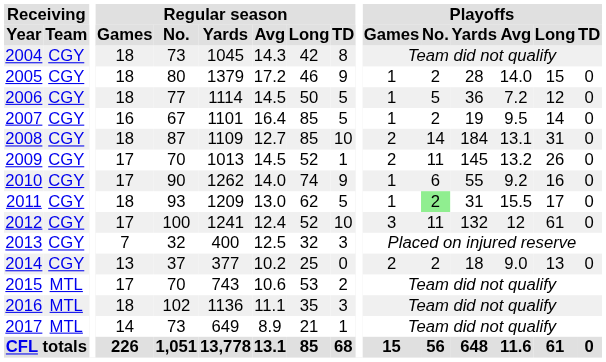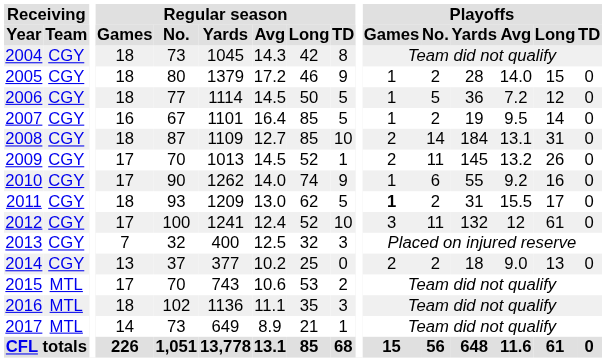 <table BORDER="0" CELLPADDING="1" CELLSPACING="0" width="65%" style="text-align:center">
 <tr bgcolor="#e0e0e0">
 <th colspan="2">Receiving</th>
 <th rowspan="99" bgcolor="#ffffff"> </th>
 <th colspan="6">Regular season</th>
 <th rowspan="99" bgcolor="#ffffff"> </th>
 <th colspan="6">Playoffs</th>
 </tr>
 <tr bgcolor="#e0e0e0">
 <th>Year</th>
 <th>Team</th>
 <th>Games</th>
 <th>No.</th>
 <th>Yards</th>
 <th>Avg</th>
 <th>Long</th>
 <th>TD</th>
 <th>Games</th>
 <th>No.</th>
 <th>Yards</th>
 <th>Avg</th>
 <th>Long</th>
 <th>TD</th>
 </tr>
 <tr ALIGN="center" bgcolor="#f0f0f0">
 <td><a href='#'>2004</a></td>
 <td><a href='#'>CGY</a></td>
 <td>18</td>
 <td>73</td>
 <td>1045</td>
 <td>14.3</td>
 <td>42</td>
 <td>8</td>
 <td colspan="6"><em>Team did not qualify</em></td>
 </tr>
 <tr ALIGN="center">
 <td><a href='#'>2005</a></td>
 <td><a href='#'>CGY</a></td>
 <td>18</td>
 <td>80</td>
 <td>1379</td>
 <td>17.2</td>
 <td>46</td>
 <td>9</td>
 <td>1</td>
 <td>2</td>
 <td>28</td>
 <td>14.0</td>
 <td>15</td>
 <td>0</td>
 </tr>
 <tr ALIGN="center" bgcolor="#f0f0f0">
 <td><a href='#'>2006</a></td>
 <td><a href='#'>CGY</a></td>
 <td>18</td>
 <td>77</td>
 <td>1114</td>
 <td>14.5</td>
 <td>50</td>
 <td>5</td>
 <td>1</td>
 <td>5</td>
 <td>36</td>
 <td>7.2</td>
 <td>12</td>
 <td>0</td>
 </tr>
 <tr ALIGN="center">
 <td><a href='#'>2007</a></td>
 <td><a href='#'>CGY</a></td>
 <td>16</td>
 <td>67</td>
 <td>1101</td>
 <td>16.4</td>
 <td>85</td>
 <td>5</td>
 <td>1</td>
 <td>2</td>
 <td>19</td>
 <td>9.5</td>
 <td>14</td>
 <td>0</td>
 </tr>
 <tr ALIGN="center" bgcolor="#f0f0f0">
 <td><a href='#'>2008</a></td>
 <td><a href='#'>CGY</a></td>
 <td>18</td>
 <td>87</td>
 <td>1109</td>
 <td>12.7</td>
 <td>85</td>
 <td>10</td>
 <td>2</td>
 <td>14</td>
 <td>184</td>
 <td>13.1</td>
 <td>31</td>
 <td>0</td>
 </tr>
 <tr ALIGN="center">
 <td><a href='#'>2009</a></td>
 <td><a href='#'>CGY</a></td>
 <td>17</td>
 <td>70</td>
 <td>1013</td>
 <td>14.5</td>
 <td>52</td>
 <td>1</td>
 <td>2</td>
 <td>11</td>
 <td>145</td>
 <td>13.2</td>
 <td>26</td>
 <td>0</td>
 </tr>
 <tr ALIGN="center" bgcolor="#f0f0f0">
 <td><a href='#'>2010</a></td>
 <td><a href='#'>CGY</a></td>
 <td>17</td>
 <td>90</td>
 <td>1262</td>
 <td>14.0</td>
 <td>74</td>
 <td>9</td>
 <td>1</td>
 <td>6</td>
 <td>55</td>
 <td>9.2</td>
 <td>16</td>
 <td>0</td>
 </tr>
 <tr ALIGN="center">
 <td><a href='#'>2011</a></td>
 <td><a href='#'>CGY</a></td>
 <td>18</td>
 <td>93</td>
 <td>1209</td>
 <td>13.0</td>
 <td>62</td>
 <td>5</td>
-<td>1</td>
-<td style="background: lightgreen;">2</td>
+<td><strong>1</strong></td>
+<td>2</td>
 <td>31</td>
 <td>15.5</td>
 <td>17</td>
 <td>0</td>
 </tr>
 <tr ALIGN="center" bgcolor="#f0f0f0">
 <td><a href='#'>2012</a></td>
 <td><a href='#'>CGY</a></td>
 <td>17</td>
 <td>100</td>
 <td>1241</td>
 <td>12.4</td>
 <td>52</td>
 <td>10</td>
 <td>3</td>
 <td>11</td>
 <td>132</td>
 <td>12</td>
 <td>61</td>
 <td>0</td>
 </tr>
 <tr ALIGN="center">
 <td><a href='#'>2013</a></td>
 <td><a href='#'>CGY</a></td>
 <td>7</td>
 <td>32</td>
 <td>400</td>
 <td>12.5</td>
 <td>32</td>
 <td>3</td>
 <td colspan="6"><em>Placed on injured reserve</em></td>
 </tr>
 <tr ALIGN="center" bgcolor="#f0f0f0">
 <td><a href='#'>2014</a></td>
 <td><a href='#'>CGY</a></td>
 <td>13</td>
 <td>37</td>
 <td>377</td>
 <td>10.2</td>
 <td>25</td>
 <td>0</td>
 <td>2</td>
 <td>2</td>
 <td>18</td>
 <td>9.0</td>
 <td>13</td>
 <td>0</td>
 </tr>
 <tr ALIGN="center">
 <td><a href='#'>2015</a></td>
 <td><a href='#'>MTL</a></td>
 <td>17</td>
 <td>70</td>
 <td>743</td>
 <td>10.6</td>
 <td>53</td>
 <td>2</td>
 <td colspan="6"><em>Team did not qualify</em></td>
 </tr>
 <tr ALIGN="center" bgcolor="#f0f0f0">
 <td><a href='#'>2016</a></td>
 <td><a href='#'>MTL</a></td>
 <td>18</td>
 <td>102</td>
 <td>1136</td>
 <td>11.1</td>
 <td>35</td>
 <td>3</td>
 <td colspan="6"><em>Team did not qualify</em></td>
 </tr>
 <tr ALIGN="center">
 <td><a href='#'>2017</a></td>
 <td><a href='#'>MTL</a></td>
 <td>14</td>
 <td>73</td>
 <td>649</td>
 <td>8.9</td>
 <td>21</td>
 <td>1</td>
 <td colspan="6"><em>Team did not qualify</em></td>
 </tr>
 <tr bgcolor="#e0e0e0">
 <th colspan="2"><a href='#'>CFL</a> totals</th>
 <th>226</th>
 <th>1,051</th>
 <th>13,778</th>
 <th>13.1</th>
 <th>85</th>
 <th>68</th>
 <th>15</th>
 <th>56</th>
 <th>648</th>
 <th>11.6</th>
 <th>61</th>
 <th>0</th>
 </tr>
 </table>
